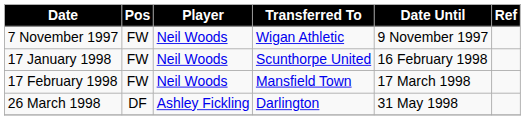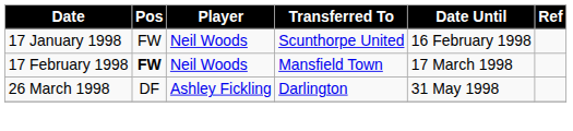 <table class="wikitable plainrowheaders sortable">
 <tr>
 <th style="background:#000000; color:#FFFFFF; ">Date</th>
 <th style="background:#000000; color:#FFFFff; ">Pos</th>
 <th style="background:#000000; color:#FFFFff; ">Player</th>
 <th style="background:#000000; color:#FFFFff; ">Transferred To</th>
 <th style="background:#000000; color:#FFFFff; ">Date Until</th>
 <th style="background:#000000; color:#FFFFff; ">Ref</th>
-</tr>
-<tr>
-<td>7 November 1997</td>
-<td align="center">FW</td>
-<td> <a href='#'>Neil Woods</a></td>
-<td> <a href='#'>Wigan Athletic</a></td>
-<td>9 November 1997</td>
-<td></td>
 </tr>
 <tr>
 <td>17 January 1998</td>
 <td align="center">FW</td>
 <td> <a href='#'>Neil Woods</a></td>
 <td> <a href='#'>Scunthorpe United</a></td>
 <td>16 February 1998</td>
 <td></td>
 </tr>
 <tr>
 <td>17 February 1998</td>
-<td align="center">FW</td>
+<td align="center"><strong>FW</strong></td>
 <td> <a href='#'>Neil Woods</a></td>
 <td> <a href='#'>Mansfield Town</a></td>
 <td>17 March 1998</td>
 <td></td>
 </tr>
 <tr>
 <td>26 March 1998</td>
 <td align="center">DF</td>
 <td> <a href='#'>Ashley Fickling</a></td>
 <td> <a href='#'>Darlington</a></td>
 <td>31 May 1998</td>
 <td></td>
 </tr>
 <tr>
 </tr>
 </table>
